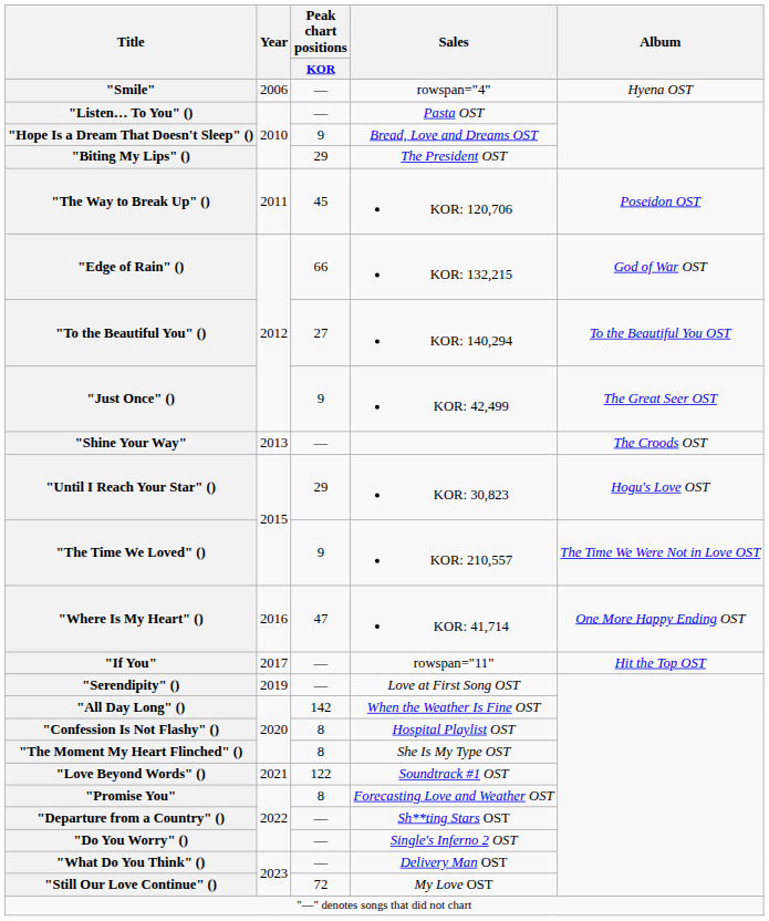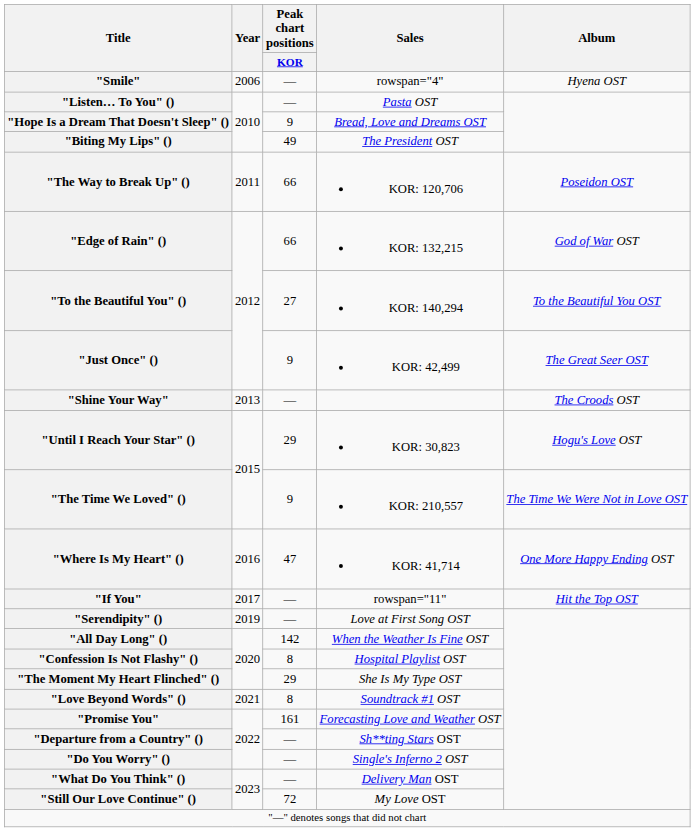 <table class="wikitable plainrowheaders" style="text-align:center;">
 <tr>
 <th scope=col rowspan=2>Title</th>
 <th scope=col rowspan=2>Year</th>
 <th scope=col colspan=1>Peak<br>chart<br>positions</th>
 <th scope=col rowspan=2>Sales</th>
 <th scope=col rowspan=2>Album</th>
 </tr>
 <tr>
 <th style="width:3em;font-size:90%;"><a href='#'>KOR</a><br></th>
 </tr>
 <tr>
 <th scope=row>"Smile"</th>
 <td>2006</td>
 <td>—</td>
 <td>rowspan="4" </td>
 <td><em>Hyena OST</em></td>
 </tr>
 <tr>
 <th scope=row>"Listen… To You" ()</th>
 <td rowspan=3>2010</td>
 <td>—</td>
 <td><em><a href='#'>Pasta</a> OST</em></td>
 </tr>
 <tr>
 <th scope=row>"Hope Is a Dream That Doesn't Sleep" ()</th>
 <td>9</td>
 <td><a href='#'><em>Bread, Love and Dreams OST</em></a></td>
 </tr>
 <tr>
 <th scope=row>"Biting My Lips" ()<br></th>
-<td>29</td>
+<td>49</td>
 <td><em><a href='#'>The President</a> OST</em></td>
 </tr>
 <tr>
 <th scope=row>"The Way to Break Up" ()</th>
 <td>2011</td>
-<td>45</td>
+<td>66</td>
 <td><br><ul><li>KOR: 120,706</li></ul></td>
 <td><a href='#'><em>Poseidon OST</em></a></td>
 </tr>
 <tr>
 <th scope=row>"Edge of Rain" ()</th>
 <td rowspan=3>2012</td>
 <td>66</td>
 <td><br><ul><li>KOR: 132,215</li></ul></td>
 <td><em><a href='#'>God of War</a> OST</em></td>
 </tr>
 <tr>
 <th scope=row>"To the Beautiful You" ()<br></th>
 <td>27</td>
 <td><br><ul><li>KOR: 140,294</li></ul></td>
 <td><a href='#'><em>To the Beautiful You OST</em></a></td>
 </tr>
 <tr>
 <th scope=row>"Just Once" ()</th>
 <td>9</td>
 <td><br><ul><li>KOR: 42,499</li></ul></td>
 <td><em><a href='#'>The Great Seer OST</a></em></td>
 </tr>
 <tr>
 <th scope=row>"Shine Your Way" </th>
 <td>2013</td>
 <td>—</td>
 <td></td>
 <td><em><a href='#'>The Croods</a> OST</em></td>
 </tr>
 <tr>
 <th scope=row>"Until I Reach Your Star" ()</th>
 <td rowspan=2>2015</td>
 <td>29</td>
 <td><br><ul><li>KOR: 30,823</li></ul></td>
 <td><em><a href='#'>Hogu's Love</a> OST</em></td>
 </tr>
 <tr>
 <th scope=row>"The Time We Loved" ()</th>
 <td>9</td>
 <td><br><ul><li>KOR: 210,557</li></ul></td>
 <td><a href='#'><em>The Time We Were Not in Love OST</em></a></td>
 </tr>
 <tr>
 <th scope=row>"Where Is My Heart" ()</th>
 <td>2016</td>
 <td>47</td>
 <td><br><ul><li>KOR: 41,714</li></ul></td>
 <td><em><a href='#'>One More Happy Ending</a> OST</em></td>
 </tr>
 <tr>
 <th scope="row">"If You"</th>
 <td>2017</td>
 <td>—</td>
 <td>rowspan="11" </td>
 <td><em><a href='#'>Hit the Top OST</a></em></td>
 </tr>
 <tr>
 <th scope="row">"Serendipity" ()<br></th>
 <td>2019</td>
 <td>—</td>
 <td><em>Love at First Song OST</em></td>
 </tr>
 <tr>
 <th scope="row">"All Day Long" ()</th>
 <td rowspan=3>2020</td>
 <td>142</td>
 <td><em><a href='#'>When the Weather Is Fine</a> OST</em></td>
 </tr>
 <tr>
 <th scope="row">"Confession Is Not Flashy" ()</th>
 <td>8</td>
 <td><em><a href='#'>Hospital Playlist</a> OST</em></td>
 </tr>
 <tr>
 <th scope="row">"The Moment My Heart Flinched" ()</th>
-<td>8</td>
+<td>29</td>
 <td><em>She Is My Type OST</em></td>
 </tr>
 <tr>
 <th scope="row">"Love Beyond Words" ()</th>
 <td>2021</td>
-<td>122</td>
+<td>8</td>
 <td><em><a href='#'>Soundtrack #1</a> OST</em></td>
 </tr>
 <tr>
 <th scope=row>"Promise You"</th>
 <td rowspan=3>2022</td>
-<td>8</td>
+<td>161</td>
 <td><em><a href='#'>Forecasting Love and Weather</a> OST</em></td>
 </tr>
 <tr>
 <th scope=row>"Departure from a Country" ()</th>
 <td>—</td>
 <td><em><a href='#'>Sh**ting Stars</a></em> OST</td>
 </tr>
 <tr>
 <th scope=row>"Do You Worry" ()</th>
 <td>—</td>
 <td><em><a href='#'>Single's Inferno 2</a> OST</em></td>
 </tr>
 <tr>
 <th scope=row>"What Do You Think" ()</th>
 <td rowspan="2">2023</td>
 <td>—</td>
 <td><em><a href='#'>Delivery Man</a></em> OST</td>
 </tr>
 <tr>
 <th scope=row>"Still Our Love Continue" ()<br></th>
 <td>72</td>
 <td><em>My Love</em> OST</td>
 </tr>
 <tr>
 <td colspan="5" style="font-size:85%;">"—" denotes songs that did not chart</td>
 </tr>
 </table>
